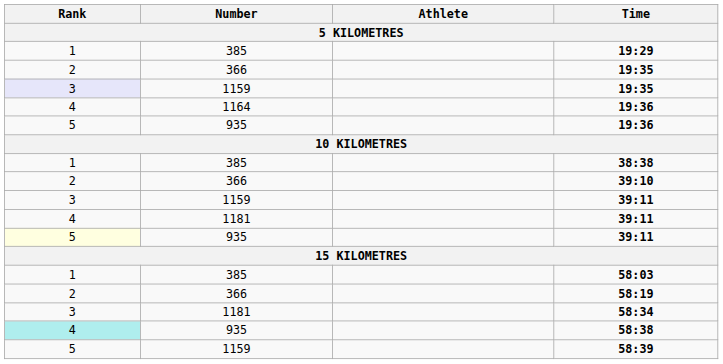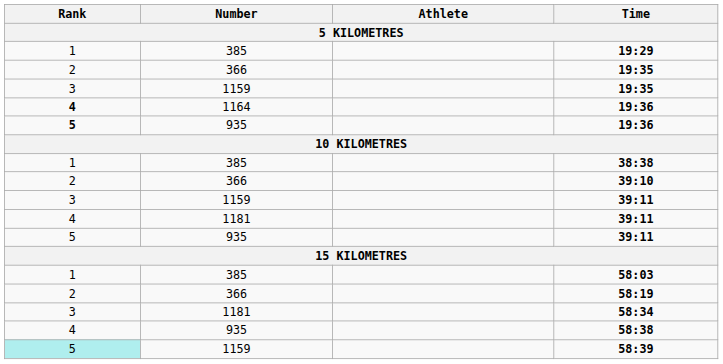 <table class="wikitable" style=" text-align:center; font-size:110%;" width="55%">
 <tr>
 <th>Rank</th>
 <th>Number</th>
 <th>Athlete</th>
 <th>Time</th>
 </tr>
 <tr>
 <th colspan="4">5 KILOMETRES</th>
 </tr>
 <tr>
 <td>1</td>
 <td>385</td>
 <td align=left></td>
 <td><strong>19:29</strong></td>
 </tr>
 <tr>
 <td>2</td>
 <td>366</td>
 <td align=left></td>
 <td><strong>19:35</strong></td>
 </tr>
 <tr>
-<td style="background: lavender;">3</td>
+<td>3</td>
 <td>1159</td>
 <td align=left></td>
 <td><strong>19:35</strong></td>
 </tr>
 <tr>
-<td>4</td>
+<td><strong>4</strong></td>
 <td>1164</td>
 <td align=left></td>
 <td><strong>19:36</strong></td>
 </tr>
 <tr>
-<td>5</td>
+<td><strong>5</strong></td>
 <td>935</td>
 <td align=left></td>
 <td><strong>19:36</strong></td>
 </tr>
 <tr>
 <th colspan="4">10 KILOMETRES</th>
 </tr>
 <tr>
 <td>1</td>
 <td>385</td>
 <td align=left></td>
 <td><strong>38:38</strong></td>
 </tr>
 <tr>
 <td>2</td>
 <td>366</td>
 <td align=left></td>
 <td><strong>39:10</strong></td>
 </tr>
 <tr>
 <td>3</td>
 <td>1159</td>
 <td align=left></td>
 <td><strong>39:11</strong></td>
 </tr>
 <tr>
 <td>4</td>
 <td>1181</td>
 <td align=left></td>
 <td><strong>39:11</strong></td>
 </tr>
 <tr>
-<td style="background: lightyellow;">5</td>
+<td>5</td>
 <td>935</td>
 <td align=left></td>
 <td><strong>39:11</strong></td>
 </tr>
 <tr>
 <th colspan="4">15 KILOMETRES</th>
 </tr>
 <tr>
 <td>1</td>
 <td>385</td>
 <td align=left></td>
 <td><strong>58:03</strong></td>
 </tr>
 <tr>
 <td>2</td>
 <td>366</td>
 <td align=left></td>
 <td><strong>58:19</strong></td>
 </tr>
 <tr>
 <td>3</td>
 <td>1181</td>
 <td align=left></td>
 <td><strong>58:34</strong></td>
 </tr>
 <tr>
-<td style="background: paleturquoise;">4</td>
+<td>4</td>
 <td>935</td>
 <td align=left></td>
 <td><strong>58:38</strong></td>
 </tr>
 <tr>
-<td>5</td>
+<td style="background: paleturquoise;">5</td>
 <td>1159</td>
 <td align=left></td>
 <td><strong>58:39</strong></td>
 </tr>
 </table>
